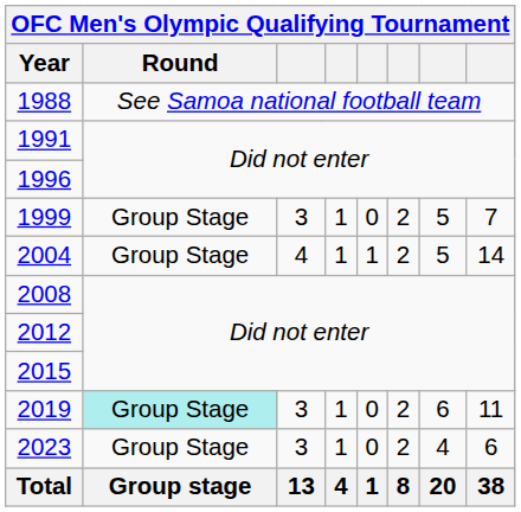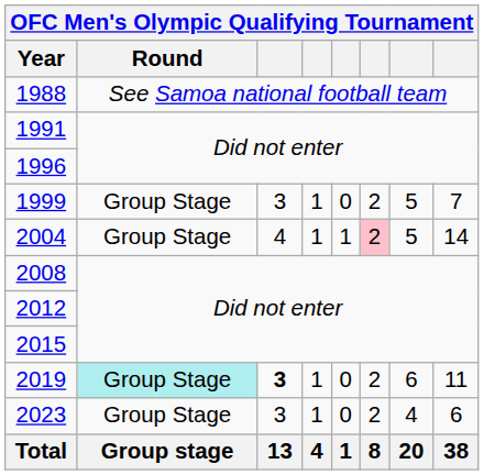 <table class="wikitable" style="text-align: center;">
 <tr>
 <th colspan=10><a href='#'>OFC Men's Olympic Qualifying Tournament</a></th>
 </tr>
 <tr>
 <th>Year</th>
 <th>Round</th>
 <th></th>
 <th></th>
 <th></th>
 <th></th>
 <th></th>
 <th></th>
 </tr>
 <tr>
 <td>  <a href='#'>1988</a></td>
 <td colspan=7><em>See <a href='#'>Samoa national football team</a></em></td>
 </tr>
 <tr>
 <td> <a href='#'>1991</a></td>
 <td colspan=7 rowspan=2><em>Did not enter</em></td>
 </tr>
 <tr>
 <td> <a href='#'>1996</a></td>
 </tr>
 <tr>
 <td> <a href='#'>1999</a></td>
 <td>Group Stage</td>
 <td>3</td>
 <td>1</td>
 <td>0</td>
 <td>2</td>
 <td>5</td>
 <td>7</td>
 </tr>
 <tr>
 <td>  <a href='#'>2004</a></td>
 <td>Group Stage</td>
 <td>4</td>
 <td>1</td>
 <td>1</td>
-<td>2</td>
+<td style="background: pink;">2</td>
 <td>5</td>
 <td>14</td>
 </tr>
 <tr>
 <td> <a href='#'>2008</a></td>
 <td colspan=7 rowspan=3><em>Did not enter</em></td>
 </tr>
 <tr>
 <td> <a href='#'>2012</a></td>
 </tr>
 <tr>
 <td> <a href='#'>2015</a></td>
 </tr>
 <tr>
 <td> <a href='#'>2019</a></td>
 <td style="background: paleturquoise;">Group Stage</td>
-<td>3</td>
+<td><strong>3</strong></td>
 <td>1</td>
 <td>0</td>
 <td>2</td>
 <td>6</td>
 <td>11</td>
 </tr>
 <tr>
 <td> <a href='#'>2023</a></td>
 <td>Group Stage</td>
 <td>3</td>
 <td>1</td>
 <td>0</td>
 <td>2</td>
 <td>4</td>
 <td>6</td>
 </tr>
 <tr>
 <th><strong>Total</strong></th>
 <th>Group stage</th>
 <th><strong>13</strong></th>
 <th><strong>4</strong></th>
 <th><strong>1</strong></th>
 <th><strong>8</strong></th>
 <th><strong>20</strong></th>
 <th><strong>38</strong></th>
 </tr>
 </table>
